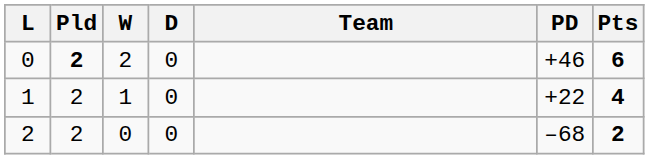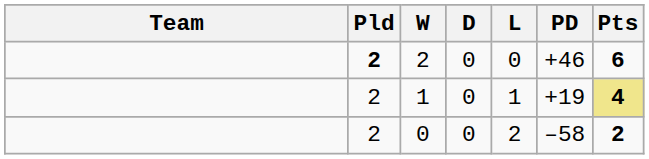 <table class="wikitable" style="text-align:center;">
 <tr>
-<th width="20" abbr="Lost">L</th>
+<th width="190">Team</th>
 <th width="20" abbr="Played">Pld</th>
 <th width="20" abbr="Won">W</th>
 <th width="20" abbr="Drawn">D</th>
-<th width="190">Team</th>
+<th width="20" abbr="Lost">L</th>
 <th width="25" abbr="Points difference">PD</th>
 <th width="20" abbr="Points">Pts</th>
 </tr>
 <tr>
-<td>0</td>
+<td align="left"></td>
 <td><strong>2</strong></td>
 <td>2</td>
 <td>0</td>
-<td align="left"></td>
+<td>0</td>
 <td>+46</td>
 <td><strong>6</strong></td>
 </tr>
 <tr>
-<td>1</td>
+<td align="left"></td>
 <td>2</td>
 <td>1</td>
 <td>0</td>
-<td align="left"></td>
-<td>+22</td>
-<td><strong>4</strong></td>
+<td>1</td>
+<td>+19</td>
+<td style="background: khaki;"><strong>4</strong></td>
 </tr>
 <tr>
-<td>2</td>
+<td align="left"></td>
 <td>2</td>
 <td>0</td>
 <td>0</td>
-<td align="left"></td>
-<td>–68</td>
+<td>2</td>
+<td>–58</td>
 <td><strong>2</strong></td>
 </tr>
 </table>
